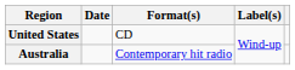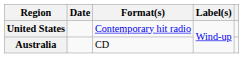 <table class="wikitable plainrowheaders">
 <tr>
 <th scope="col">Region</th>
 <th scope="col">Date</th>
 <th scope="col">Format(s)</th>
 <th scope="col">Label(s)</th>
 <th scope="col"></th>
 </tr>
 <tr>
 <th scope="row">United States</th>
 <td></td>
-<td>CD</td>
+<td><a href='#'>Contemporary hit radio</a></td>
 <td rowspan="2"><a href='#'>Wind-up</a></td>
 <td></td>
 </tr>
 <tr>
 <th scope="row">Australia</th>
 <td></td>
-<td><a href='#'>Contemporary hit radio</a></td>
+<td>CD</td>
 <td></td>
 </tr>
 </table>
